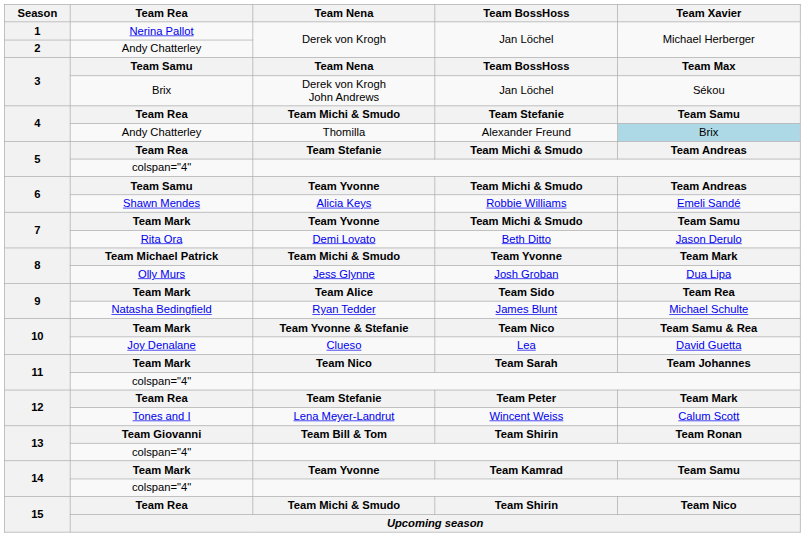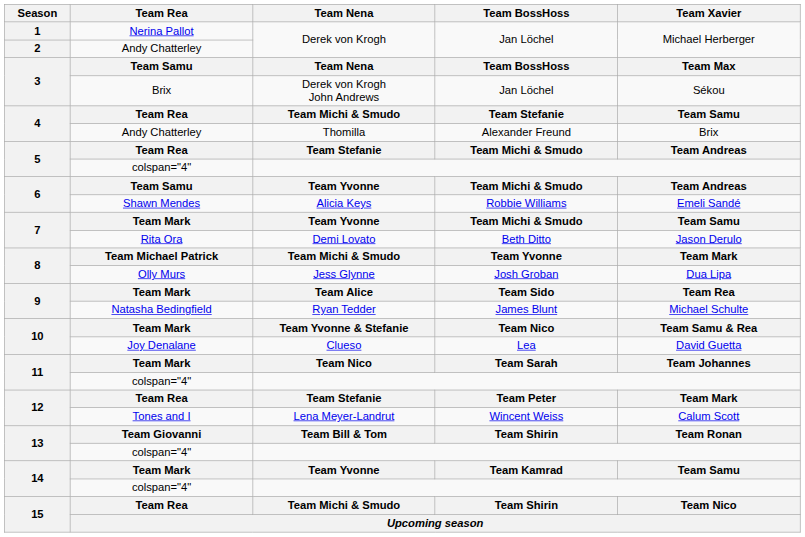 <table class="wikitable" style="text-align:center; width:90%">
 <tr>
 <th style="width:05%" scope="col">Season</th>
 <th style="width:15%" scope="col">Team Rea</th>
 <th style="width:15%" scope="col">Team Nena</th>
 <th style="width:15%" scope="col">Team BossHoss</th>
 <th style="width:15%" scope="col">Team Xavier</th>
 </tr>
 <tr>
 <th scope="row">1</th>
 <td><a href='#'>Nerina Pallot</a></td>
 <td rowspan="2">Derek von Krogh</td>
 <td rowspan="2">Jan Löchel</td>
 <td rowspan="2">Michael Herberger</td>
 </tr>
 <tr>
 <th scope="row">2</th>
 <td>Andy Chatterley</td>
 </tr>
 <tr>
 <th rowspan="2">3</th>
 <th scope="col">Team Samu</th>
 <th scope="col">Team Nena</th>
 <th scope="col">Team BossHoss</th>
 <th scope="col">Team Max</th>
 </tr>
 <tr>
 <td>Brix</td>
 <td>Derek von Krogh<br>John Andrews</td>
 <td>Jan Löchel</td>
 <td>Sékou</td>
 </tr>
 <tr>
 <th rowspan="2">4</th>
 <th scope="col">Team Rea</th>
 <th scope="col">Team Michi & Smudo</th>
 <th scope="col">Team Stefanie</th>
 <th scope="col">Team Samu</th>
 </tr>
 <tr>
 <td>Andy Chatterley</td>
 <td>Thomilla</td>
 <td>Alexander Freund</td>
-<td style="background: lightblue;">Brix</td>
+<td>Brix</td>
 </tr>
 <tr>
 <th rowspan="2">5</th>
 <th scope="col">Team Rea</th>
 <th scope="col">Team Stefanie</th>
 <th scope="col">Team Michi & Smudo</th>
 <th scope="col">Team Andreas</th>
 </tr>
 <tr>
 <td>colspan="4" </td>
 </tr>
 <tr>
 <th rowspan="2">6</th>
 <th scope="col">Team Samu</th>
 <th scope="col">Team Yvonne</th>
 <th scope="col">Team Michi & Smudo</th>
 <th scope="col">Team Andreas</th>
 </tr>
 <tr>
 <td><a href='#'>Shawn Mendes</a></td>
 <td><a href='#'>Alicia Keys</a></td>
 <td><a href='#'>Robbie Williams</a></td>
 <td><a href='#'>Emeli Sandé</a></td>
 </tr>
 <tr>
 <th rowspan="2">7</th>
 <th scope="col">Team Mark</th>
 <th scope="col">Team Yvonne</th>
 <th scope="col">Team Michi & Smudo</th>
 <th scope="col">Team Samu</th>
 </tr>
 <tr>
 <td><a href='#'>Rita Ora</a></td>
 <td><a href='#'>Demi Lovato</a></td>
 <td><a href='#'>Beth Ditto</a></td>
 <td><a href='#'>Jason Derulo</a></td>
 </tr>
 <tr>
 <th rowspan="2">8</th>
 <th scope="col">Team Michael Patrick</th>
 <th scope="col">Team Michi & Smudo</th>
 <th scope="col">Team Yvonne</th>
 <th scope="col">Team Mark</th>
 </tr>
 <tr>
 <td><a href='#'>Olly Murs</a></td>
 <td><a href='#'>Jess Glynne</a></td>
 <td><a href='#'>Josh Groban</a></td>
 <td><a href='#'>Dua Lipa</a></td>
 </tr>
 <tr>
 <th rowspan="2">9</th>
 <th scope="col">Team Mark</th>
 <th scope="col">Team Alice</th>
 <th scope="col">Team Sido</th>
 <th scope="col">Team Rea</th>
 </tr>
 <tr>
 <td><a href='#'>Natasha Bedingfield</a></td>
 <td><a href='#'>Ryan Tedder</a></td>
 <td><a href='#'>James Blunt</a></td>
 <td><a href='#'>Michael Schulte</a></td>
 </tr>
 <tr>
 <th rowspan="2">10</th>
 <th scope="col">Team Mark</th>
 <th scope="col">Team Yvonne & Stefanie</th>
 <th scope="col">Team Nico</th>
 <th scope="col">Team Samu & Rea</th>
 </tr>
 <tr>
 <td><a href='#'>Joy Denalane</a></td>
 <td><a href='#'>Clueso</a></td>
 <td><a href='#'>Lea</a></td>
 <td><a href='#'>David Guetta</a></td>
 </tr>
 <tr>
 <th rowspan="2">11</th>
 <th scope="col">Team Mark</th>
 <th scope="col">Team Nico</th>
 <th scope="col">Team Sarah</th>
 <th scope="col">Team Johannes</th>
 </tr>
 <tr>
 <td>colspan="4" </td>
 </tr>
 <tr>
 <th rowspan="2">12</th>
 <th scope="col">Team Rea</th>
 <th scope="col">Team Stefanie</th>
 <th scope="col">Team Peter</th>
 <th scope="col">Team Mark</th>
 </tr>
 <tr>
 <td><a href='#'>Tones and I</a></td>
 <td><a href='#'>Lena Meyer-Landrut</a></td>
 <td><a href='#'>Wincent Weiss</a></td>
 <td><a href='#'>Calum Scott</a></td>
 </tr>
 <tr>
 <th rowspan="2">13</th>
 <th scope="col">Team Giovanni</th>
 <th scope="col">Team Bill & Tom</th>
 <th scope="col">Team Shirin</th>
 <th scope="col">Team Ronan</th>
 </tr>
 <tr>
 <td>colspan="4" </td>
 </tr>
 <tr>
 <th rowspan="2">14</th>
 <th scope="col">Team Mark</th>
 <th scope="col">Team Yvonne</th>
 <th scope="col">Team Kamrad</th>
 <th scope="col">Team Samu</th>
 </tr>
 <tr>
 <td>colspan="4" </td>
 </tr>
 <tr>
 <th rowspan="2">15</th>
 <th scope="col">Team Rea</th>
 <th scope="col">Team Michi & Smudo</th>
 <th scope="col">Team Shirin</th>
 <th scope="col">Team Nico</th>
 </tr>
 <tr>
 <th colspan="4"><em>Upcoming season</em></th>
 </tr>
 </table>
